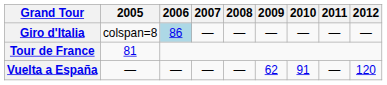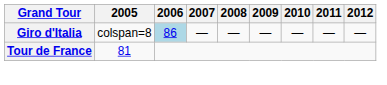 <table class="wikitable plainrowheaders">
 <tr>
 <th scope="col"><a href='#'>Grand Tour</a></th>
 <th scope="col">2005</th>
 <th scope="col">2006</th>
 <th scope="col">2007</th>
 <th scope="col">2008</th>
 <th scope="col">2009</th>
 <th scope="col">2010</th>
 <th scope="col">2011</th>
 <th scope="col">2012</th>
 </tr>
 <tr style="text-align:center;">
 <th scope="row"> <a href='#'>Giro d'Italia</a></th>
 <td>colspan=8 </td>
 <td style="background: lightblue;"><a href='#'>86</a></td>
 <td>—</td>
 <td>—</td>
 <td>—</td>
 <td>—</td>
 <td>—</td>
 <td>—</td>
 </tr>
 <tr style="text-align:center;">
 <th scope="row"> <a href='#'>Tour de France</a></th>
 <td><a href='#'>81</a></td>
 </tr>
-<tr style="text-align:center;">
-<th scope="row"> <a href='#'>Vuelta a España</a></th>
-<td>—</td>
-<td>—</td>
-<td>—</td>
-<td>—</td>
-<td><a href='#'>62</a></td>
-<td><a href='#'>91</a></td>
-<td>—</td>
-<td><a href='#'>120</a></td>
-</tr>
 </table>
